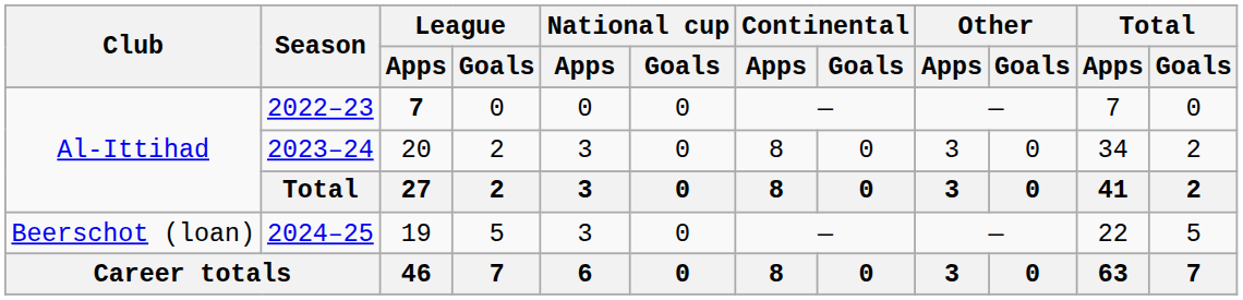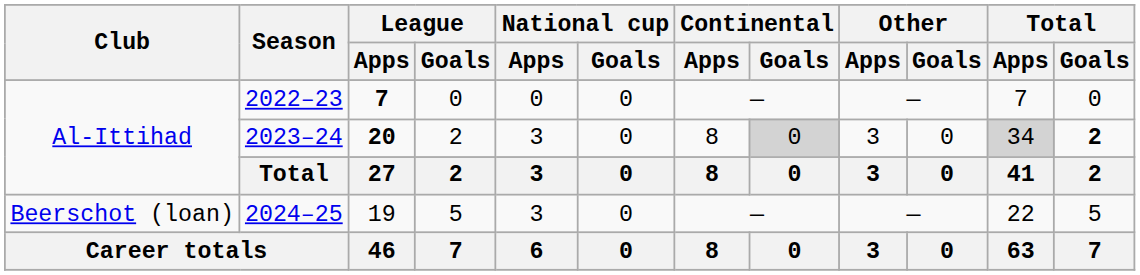 <table class="wikitable" style="text-align: center">
 <tr>
 <th rowspan=2>Club</th>
 <th rowspan=2>Season</th>
 <th colspan=2>League</th>
 <th colspan=2>National cup</th>
 <th colspan=2>Continental</th>
 <th colspan=2>Other</th>
 <th colspan=2>Total</th>
 </tr>
 <tr>
 <th>Apps</th>
 <th>Goals</th>
 <th>Apps</th>
 <th>Goals</th>
 <th>Apps</th>
 <th>Goals</th>
 <th>Apps</th>
 <th>Goals</th>
 <th>Apps</th>
 <th>Goals</th>
 </tr>
 <tr>
 <td rowspan=3><a href='#'>Al-Ittihad</a></td>
 <td><a href='#'>2022–23</a></td>
 <td><strong>7</strong></td>
 <td>0</td>
 <td>0</td>
 <td>0</td>
 <td colspan=2>—</td>
 <td colspan=2>—</td>
 <td>7</td>
 <td>0</td>
 </tr>
 <tr>
 <td><a href='#'>2023–24</a></td>
-<td>20</td>
+<td><strong>20</strong></td>
 <td>2</td>
 <td>3</td>
 <td>0</td>
 <td>8</td>
-<td>0</td>
+<td style="background: lightgrey;">0</td>
 <td>3</td>
 <td>0</td>
-<td>34</td>
-<td>2</td>
+<td style="background: lightgrey;">34</td>
+<td><strong>2</strong></td>
 </tr>
 <tr>
 <th>Total</th>
 <th>27</th>
 <th>2</th>
 <th>3</th>
 <th>0</th>
 <th>8</th>
 <th>0</th>
 <th>3</th>
 <th>0</th>
 <th>41</th>
 <th>2</th>
 </tr>
 <tr>
 <td><a href='#'>Beerschot</a> (loan)</td>
 <td><a href='#'>2024–25</a></td>
 <td>19</td>
 <td>5</td>
 <td>3</td>
 <td>0</td>
 <td colspan=2>—</td>
 <td colspan=2>—</td>
 <td>22</td>
 <td>5</td>
 </tr>
 <tr>
 <th colspan=2>Career totals</th>
 <th>46</th>
 <th>7</th>
 <th>6</th>
 <th>0</th>
 <th>8</th>
 <th>0</th>
 <th>3</th>
 <th>0</th>
 <th>63</th>
 <th>7</th>
 </tr>
 </table>
